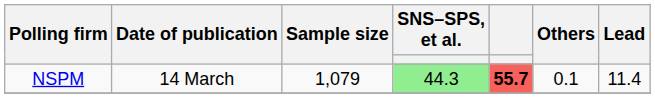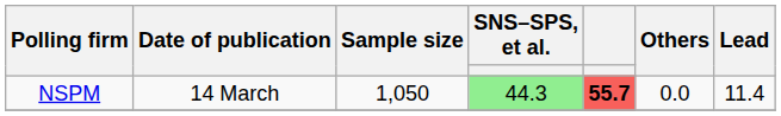 <table class="wikitable" style="text-align:center; font-size:85%; line-height:16px; margin-bottom:0">
 <tr>
 <th rowspan="2">Polling firm</th>
 <th rowspan="2">Date of publication</th>
 <th rowspan="2">Sample size</th>
 <th>SNS–SPS,<br>et al.</th>
 <th></th>
 <th rowspan="2">Others</th>
 <th rowspan="2">Lead</th>
 </tr>
 <tr>
 <th style="background:"></th>
 <th style="background:"></th>
 </tr>
 <tr>
 <td><a href='#'>NSPM</a></td>
 <td>14 March</td>
-<td>1,079</td>
+<td>1,050</td>
 <td style="background: lightgreen;">44.3</td>
 <td style="background:#f8605b"><strong>55.7</strong> </td>
-<td>0.1</td>
+<td>0.0</td>
 <td style="background:">11.4</td>
 </tr>
 <tr>
 </tr>
 </table>
